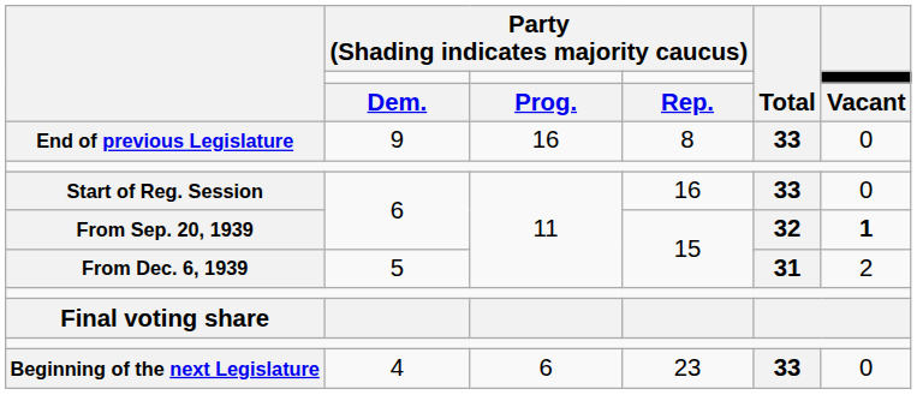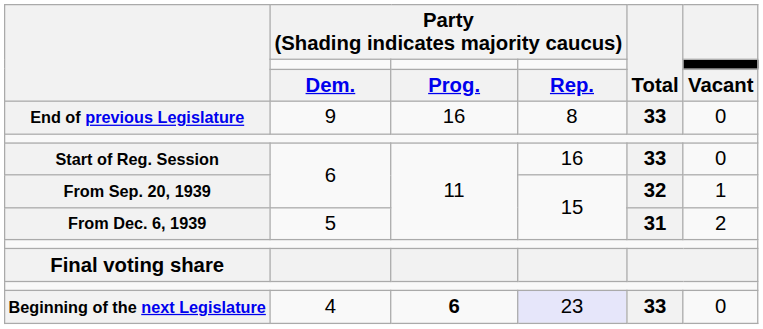 <table class=wikitable style="text-align:center">
 <tr style="vertical-align:bottom;">
 <th rowspan=3></th>
 <th colspan=3>Party <div>(Shading indicates majority caucus)</div></th>
 <th rowspan=3>Total</th>
 <th></th>
 </tr>
 <tr style="height:5px">
 <td style="background-color:"></td>
 <td style="background-color:"></td>
 <td style="background-color:"></td>
 <td style="background:black;"></td>
 </tr>
 <tr>
 <th><a href='#'>Dem.</a></th>
 <th><a href='#'>Prog.</a></th>
 <th><a href='#'>Rep.</a></th>
 <th>Vacant</th>
 </tr>
 <tr>
 <th style="font-size:80%;">End of <a href='#'>previous Legislature</a></th>
 <td>9</td>
 <td>16</td>
 <td>8</td>
 <th>33</th>
 <td>0</td>
 </tr>
 <tr>
 <td colspan=6></td>
 </tr>
 <tr>
 <th style="font-size:80%;">Start of Reg. Session</th>
 <td rowspan="2">6</td>
 <td rowspan="3">11</td>
 <td>16</td>
 <th>33</th>
 <td>0</td>
 </tr>
 <tr>
 <th style="font-size:80%;">From Sep. 20, 1939</th>
 <td rowspan="2" >15</td>
 <th>32</th>
-<td><strong>1</strong></td>
+<td>1</td>
 </tr>
 <tr>
 <th style="font-size:80%;">From Dec. 6, 1939</th>
 <td>5</td>
 <th>31</th>
 <td>2</td>
 </tr>
 <tr>
 <td colspan=6></td>
 </tr>
 <tr>
 <th>Final voting share</th>
 <th></th>
 <th></th>
 <th></th>
 <th colspan=2></th>
 </tr>
 <tr>
 <td colspan=6></td>
 </tr>
 <tr>
 <th style="font-size:80%;">Beginning of the <a href='#'>next Legislature</a></th>
 <td>4</td>
-<td>6</td>
-<td>23</td>
+<td><strong>6</strong></td>
+<td style="background: lavender;">23</td>
 <th>33</th>
 <td>0</td>
 </tr>
 </table>
